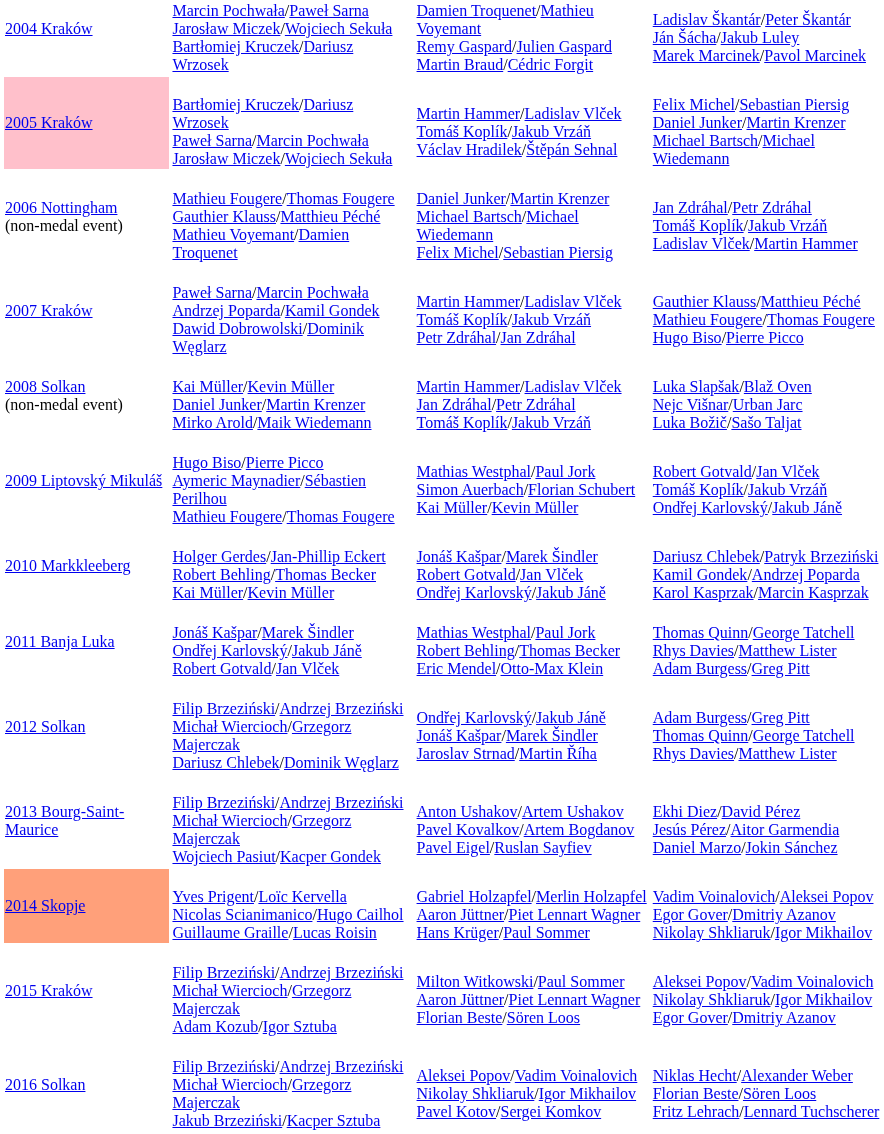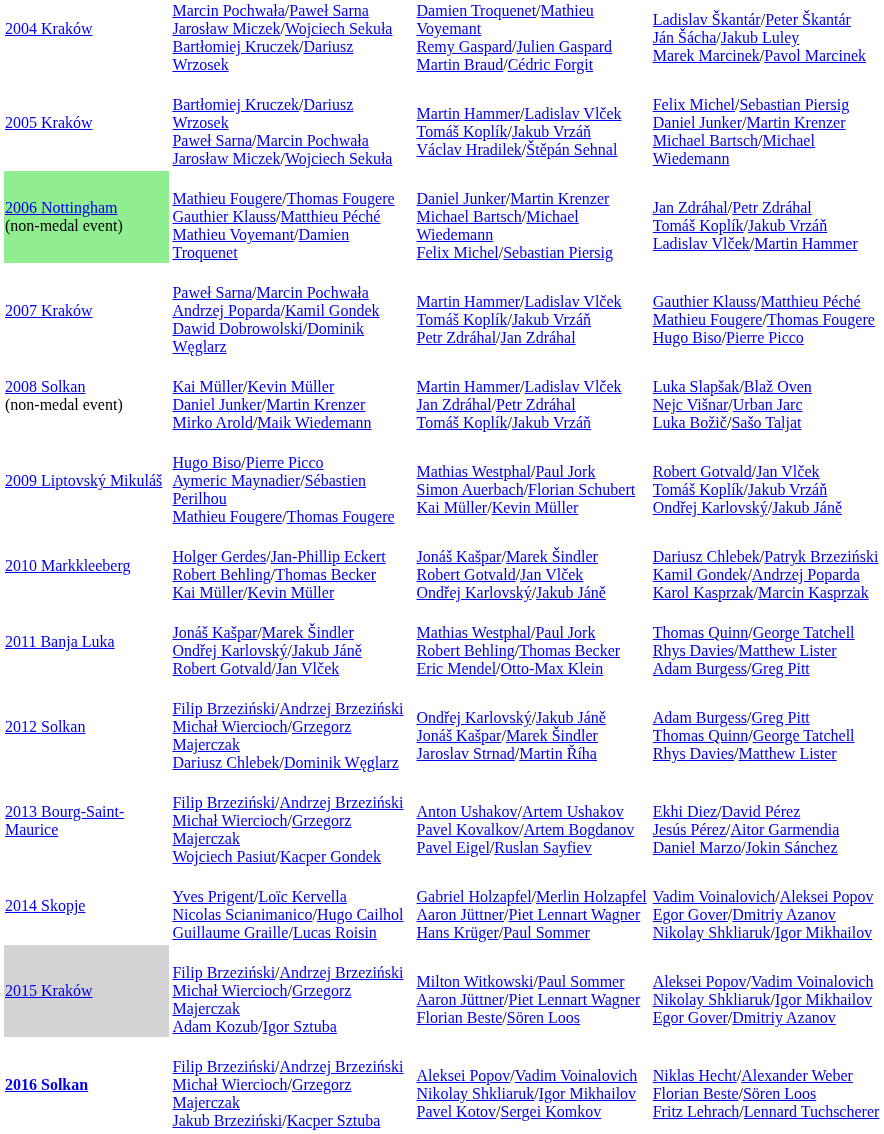 <table>
 <tr>
 <td><a href='#'>2004 Kraków</a></td>
 <td><br><a href='#'>Marcin Pochwała</a>/<a href='#'>Paweł Sarna</a><br><a href='#'>Jarosław Miczek</a>/<a href='#'>Wojciech Sekuła</a><br><a href='#'>Bartłomiej Kruczek</a>/<a href='#'>Dariusz Wrzosek</a></td>
 <td><br><a href='#'>Damien Troquenet</a>/<a href='#'>Mathieu Voyemant</a><br><a href='#'>Remy Gaspard</a>/<a href='#'>Julien Gaspard</a><br><a href='#'>Martin Braud</a>/<a href='#'>Cédric Forgit</a></td>
 <td><br><a href='#'>Ladislav Škantár</a>/<a href='#'>Peter Škantár</a><br><a href='#'>Ján Šácha</a>/<a href='#'>Jakub Luley</a><br><a href='#'>Marek Marcinek</a>/<a href='#'>Pavol Marcinek</a></td>
 </tr>
 <tr>
-<td style="background: pink;"><a href='#'>2005 Kraków</a></td>
+<td><a href='#'>2005 Kraków</a></td>
 <td><br><a href='#'>Bartłomiej Kruczek</a>/<a href='#'>Dariusz Wrzosek</a><br><a href='#'>Paweł Sarna</a>/<a href='#'>Marcin Pochwała</a><br><a href='#'>Jarosław Miczek</a>/<a href='#'>Wojciech Sekuła</a></td>
 <td><br><a href='#'>Martin Hammer</a>/<a href='#'>Ladislav Vlček</a><br><a href='#'>Tomáš Koplík</a>/<a href='#'>Jakub Vrzáň</a><br><a href='#'>Václav Hradilek</a>/<a href='#'>Štěpán Sehnal</a></td>
 <td><br><a href='#'>Felix Michel</a>/<a href='#'>Sebastian Piersig</a><br><a href='#'>Daniel Junker</a>/<a href='#'>Martin Krenzer</a><br><a href='#'>Michael Bartsch</a>/<a href='#'>Michael Wiedemann</a></td>
 </tr>
 <tr>
-<td><a href='#'>2006 Nottingham</a><br>(non-medal event)</td>
+<td style="background: lightgreen;"><a href='#'>2006 Nottingham</a><br>(non-medal event)</td>
 <td><br><a href='#'>Mathieu Fougere</a>/<a href='#'>Thomas Fougere</a><br><a href='#'>Gauthier Klauss</a>/<a href='#'>Matthieu Péché</a><br><a href='#'>Mathieu Voyemant</a>/<a href='#'>Damien Troquenet</a></td>
 <td><br><a href='#'>Daniel Junker</a>/<a href='#'>Martin Krenzer</a><br><a href='#'>Michael Bartsch</a>/<a href='#'>Michael Wiedemann</a><br><a href='#'>Felix Michel</a>/<a href='#'>Sebastian Piersig</a></td>
 <td><br><a href='#'>Jan Zdráhal</a>/<a href='#'>Petr Zdráhal</a><br><a href='#'>Tomáš Koplík</a>/<a href='#'>Jakub Vrzáň</a><br><a href='#'>Ladislav Vlček</a>/<a href='#'>Martin Hammer</a></td>
 </tr>
 <tr>
 <td><a href='#'>2007 Kraków</a></td>
 <td><br><a href='#'>Paweł Sarna</a>/<a href='#'>Marcin Pochwała</a><br><a href='#'>Andrzej Poparda</a>/<a href='#'>Kamil Gondek</a><br><a href='#'>Dawid Dobrowolski</a>/<a href='#'>Dominik Węglarz</a></td>
 <td><br><a href='#'>Martin Hammer</a>/<a href='#'>Ladislav Vlček</a><br><a href='#'>Tomáš Koplík</a>/<a href='#'>Jakub Vrzáň</a><br><a href='#'>Petr Zdráhal</a>/<a href='#'>Jan Zdráhal</a></td>
 <td><br><a href='#'>Gauthier Klauss</a>/<a href='#'>Matthieu Péché</a><br><a href='#'>Mathieu Fougere</a>/<a href='#'>Thomas Fougere</a><br><a href='#'>Hugo Biso</a>/<a href='#'>Pierre Picco</a></td>
 </tr>
 <tr>
 <td><a href='#'>2008 Solkan</a><br>(non-medal event)</td>
 <td><br><a href='#'>Kai Müller</a>/<a href='#'>Kevin Müller</a><br><a href='#'>Daniel Junker</a>/<a href='#'>Martin Krenzer</a><br><a href='#'>Mirko Arold</a>/<a href='#'>Maik Wiedemann</a></td>
 <td><br><a href='#'>Martin Hammer</a>/<a href='#'>Ladislav Vlček</a><br><a href='#'>Jan Zdráhal</a>/<a href='#'>Petr Zdráhal</a><br><a href='#'>Tomáš Koplík</a>/<a href='#'>Jakub Vrzáň</a></td>
 <td><br><a href='#'>Luka Slapšak</a>/<a href='#'>Blaž Oven</a><br><a href='#'>Nejc Višnar</a>/<a href='#'>Urban Jarc</a><br><a href='#'>Luka Božič</a>/<a href='#'>Sašo Taljat</a></td>
 </tr>
 <tr>
 <td><a href='#'>2009 Liptovský Mikuláš</a></td>
 <td><br><a href='#'>Hugo Biso</a>/<a href='#'>Pierre Picco</a><br><a href='#'>Aymeric Maynadier</a>/<a href='#'>Sébastien Perilhou</a><br><a href='#'>Mathieu Fougere</a>/<a href='#'>Thomas Fougere</a></td>
 <td><br><a href='#'>Mathias Westphal</a>/<a href='#'>Paul Jork</a><br><a href='#'>Simon Auerbach</a>/<a href='#'>Florian Schubert</a><br><a href='#'>Kai Müller</a>/<a href='#'>Kevin Müller</a></td>
 <td><br><a href='#'>Robert Gotvald</a>/<a href='#'>Jan Vlček</a><br><a href='#'>Tomáš Koplík</a>/<a href='#'>Jakub Vrzáň</a><br><a href='#'>Ondřej Karlovský</a>/<a href='#'>Jakub Jáně</a></td>
 </tr>
 <tr>
 <td><a href='#'>2010 Markkleeberg</a></td>
 <td><br><a href='#'>Holger Gerdes</a>/<a href='#'>Jan-Phillip Eckert</a><br><a href='#'>Robert Behling</a>/<a href='#'>Thomas Becker</a><br><a href='#'>Kai Müller</a>/<a href='#'>Kevin Müller</a></td>
 <td><br><a href='#'>Jonáš Kašpar</a>/<a href='#'>Marek Šindler</a><br><a href='#'>Robert Gotvald</a>/<a href='#'>Jan Vlček</a><br><a href='#'>Ondřej Karlovský</a>/<a href='#'>Jakub Jáně</a></td>
 <td><br><a href='#'>Dariusz Chlebek</a>/<a href='#'>Patryk Brzeziński</a><br><a href='#'>Kamil Gondek</a>/<a href='#'>Andrzej Poparda</a><br><a href='#'>Karol Kasprzak</a>/<a href='#'>Marcin Kasprzak</a></td>
 </tr>
 <tr>
 <td><a href='#'>2011 Banja Luka</a></td>
 <td><br><a href='#'>Jonáš Kašpar</a>/<a href='#'>Marek Šindler</a><br><a href='#'>Ondřej Karlovský</a>/<a href='#'>Jakub Jáně</a><br><a href='#'>Robert Gotvald</a>/<a href='#'>Jan Vlček</a></td>
 <td><br><a href='#'>Mathias Westphal</a>/<a href='#'>Paul Jork</a><br><a href='#'>Robert Behling</a>/<a href='#'>Thomas Becker</a><br><a href='#'>Eric Mendel</a>/<a href='#'>Otto-Max Klein</a></td>
 <td><br><a href='#'>Thomas Quinn</a>/<a href='#'>George Tatchell</a><br><a href='#'>Rhys Davies</a>/<a href='#'>Matthew Lister</a><br><a href='#'>Adam Burgess</a>/<a href='#'>Greg Pitt</a></td>
 </tr>
 <tr>
 <td><a href='#'>2012 Solkan</a></td>
 <td><br><a href='#'>Filip Brzeziński</a>/<a href='#'>Andrzej Brzeziński</a><br><a href='#'>Michał Wiercioch</a>/<a href='#'>Grzegorz Majerczak</a><br><a href='#'>Dariusz Chlebek</a>/<a href='#'>Dominik Węglarz</a></td>
 <td><br><a href='#'>Ondřej Karlovský</a>/<a href='#'>Jakub Jáně</a><br><a href='#'>Jonáš Kašpar</a>/<a href='#'>Marek Šindler</a><br><a href='#'>Jaroslav Strnad</a>/<a href='#'>Martin Říha</a></td>
 <td><br><a href='#'>Adam Burgess</a>/<a href='#'>Greg Pitt</a><br><a href='#'>Thomas Quinn</a>/<a href='#'>George Tatchell</a><br><a href='#'>Rhys Davies</a>/<a href='#'>Matthew Lister</a></td>
 </tr>
 <tr>
 <td><a href='#'>2013 Bourg-Saint-Maurice</a></td>
 <td><br><a href='#'>Filip Brzeziński</a>/<a href='#'>Andrzej Brzeziński</a><br><a href='#'>Michał Wiercioch</a>/<a href='#'>Grzegorz Majerczak</a><br><a href='#'>Wojciech Pasiut</a>/<a href='#'>Kacper Gondek</a></td>
 <td><br><a href='#'>Anton Ushakov</a>/<a href='#'>Artem Ushakov</a><br><a href='#'>Pavel Kovalkov</a>/<a href='#'>Artem Bogdanov</a><br><a href='#'>Pavel Eigel</a>/<a href='#'>Ruslan Sayfiev</a></td>
 <td><br><a href='#'>Ekhi Diez</a>/<a href='#'>David Pérez</a><br><a href='#'>Jesús Pérez</a>/<a href='#'>Aitor Garmendia</a><br><a href='#'>Daniel Marzo</a>/<a href='#'>Jokin Sánchez</a></td>
 </tr>
 <tr>
-<td style="background: lightsalmon;"><a href='#'>2014 Skopje</a></td>
+<td><a href='#'>2014 Skopje</a></td>
 <td><br><a href='#'>Yves Prigent</a>/<a href='#'>Loïc Kervella</a><br><a href='#'>Nicolas Scianimanico</a>/<a href='#'>Hugo Cailhol</a><br><a href='#'>Guillaume Graille</a>/<a href='#'>Lucas Roisin</a></td>
 <td><br><a href='#'>Gabriel Holzapfel</a>/<a href='#'>Merlin Holzapfel</a><br><a href='#'>Aaron Jüttner</a>/<a href='#'>Piet Lennart Wagner</a><br><a href='#'>Hans Krüger</a>/<a href='#'>Paul Sommer</a></td>
 <td><br><a href='#'>Vadim Voinalovich</a>/<a href='#'>Aleksei Popov</a><br><a href='#'>Egor Gover</a>/<a href='#'>Dmitriy Azanov</a><br><a href='#'>Nikolay Shkliaruk</a>/<a href='#'>Igor Mikhailov</a></td>
 </tr>
 <tr>
-<td><a href='#'>2015 Kraków</a></td>
+<td style="background: lightgrey;"><a href='#'>2015 Kraków</a></td>
 <td><br><a href='#'>Filip Brzeziński</a>/<a href='#'>Andrzej Brzeziński</a><br><a href='#'>Michał Wiercioch</a>/<a href='#'>Grzegorz Majerczak</a><br><a href='#'>Adam Kozub</a>/<a href='#'>Igor Sztuba</a></td>
 <td><br><a href='#'>Milton Witkowski</a>/<a href='#'>Paul Sommer</a><br><a href='#'>Aaron Jüttner</a>/<a href='#'>Piet Lennart Wagner</a><br><a href='#'>Florian Beste</a>/<a href='#'>Sören Loos</a></td>
 <td><br><a href='#'>Aleksei Popov</a>/<a href='#'>Vadim Voinalovich</a><br><a href='#'>Nikolay Shkliaruk</a>/<a href='#'>Igor Mikhailov</a><br><a href='#'>Egor Gover</a>/<a href='#'>Dmitriy Azanov</a></td>
 </tr>
 <tr>
-<td><a href='#'>2016 Solkan</a></td>
+<td><strong><a href='#'>2016 Solkan</a></strong></td>
 <td><br><a href='#'>Filip Brzeziński</a>/<a href='#'>Andrzej Brzeziński</a><br><a href='#'>Michał Wiercioch</a>/<a href='#'>Grzegorz Majerczak</a><br><a href='#'>Jakub Brzeziński</a>/<a href='#'>Kacper Sztuba</a></td>
 <td><br><a href='#'>Aleksei Popov</a>/<a href='#'>Vadim Voinalovich</a><br><a href='#'>Nikolay Shkliaruk</a>/<a href='#'>Igor Mikhailov</a><br><a href='#'>Pavel Kotov</a>/<a href='#'>Sergei Komkov</a></td>
 <td><br><a href='#'>Niklas Hecht</a>/<a href='#'>Alexander Weber</a><br><a href='#'>Florian Beste</a>/<a href='#'>Sören Loos</a><br><a href='#'>Fritz Lehrach</a>/<a href='#'>Lennard Tuchscherer</a></td>
 </tr>
 </table>
